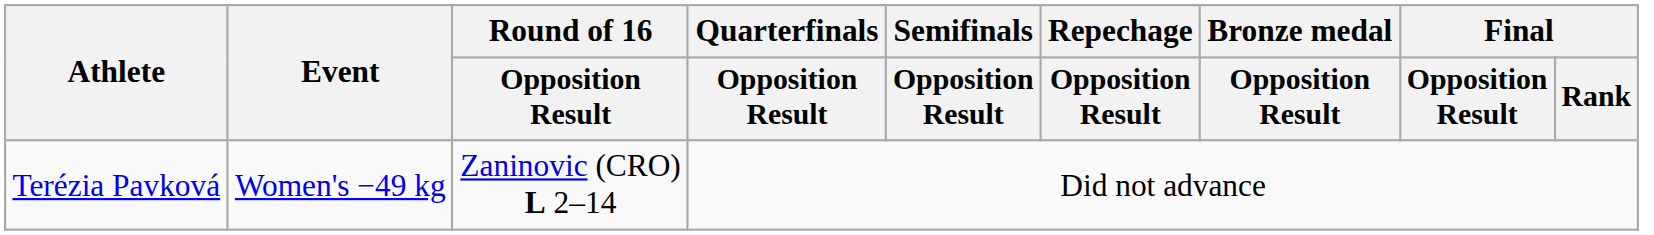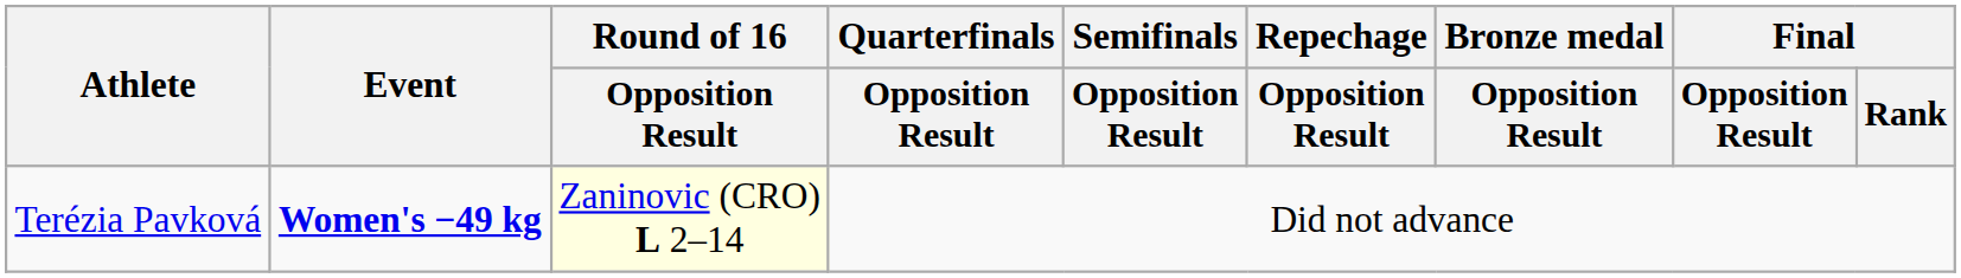 <table class="wikitable" style="font-size:90%">
 <tr>
 <th rowspan="2">Athlete</th>
 <th rowspan="2">Event</th>
 <th>Round of 16</th>
 <th>Quarterfinals</th>
 <th>Semifinals</th>
 <th>Repechage</th>
 <th>Bronze medal</th>
 <th colspan=2>Final</th>
 </tr>
 <tr style="font-size:95%">
 <th>Opposition<br>Result</th>
 <th>Opposition<br>Result</th>
 <th>Opposition<br>Result</th>
 <th>Opposition<br>Result</th>
 <th>Opposition<br>Result</th>
 <th>Opposition<br>Result</th>
 <th>Rank</th>
 </tr>
 <tr align=center>
 <td align=left><a href='#'>Terézia Pavková</a></td>
-<td align=left><a href='#'>Women's −49 kg</a></td>
-<td> <a href='#'>Zaninovic</a> (CRO) <br><strong>L</strong> 2–14</td>
+<td align=left><strong><a href='#'>Women's −49 kg</a></strong></td>
+<td style="background: lightyellow;"> <a href='#'>Zaninovic</a> (CRO) <br><strong>L</strong> 2–14</td>
 <td colspan=6>Did not advance</td>
 </tr>
 </table>
